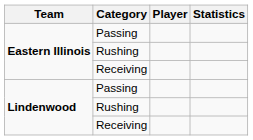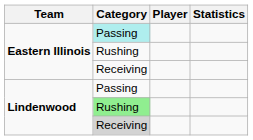 <table class="wikitable" style="float: right;">
 <tr>
 <th>Team</th>
 <th>Category</th>
 <th>Player</th>
 <th>Statistics</th>
 </tr>
 <tr>
 <td rowspan=3><strong>Eastern Illinois</strong></td>
-<td>Passing</td>
+<td style="background: paleturquoise;">Passing</td>
 <td></td>
 <td></td>
 </tr>
 <tr>
 <td>Rushing</td>
 <td></td>
 <td></td>
 </tr>
 <tr>
 <td>Receiving</td>
 <td></td>
 <td></td>
 </tr>
 <tr>
 <td rowspan=3><strong>Lindenwood</strong></td>
 <td>Passing</td>
 <td></td>
 <td></td>
 </tr>
 <tr>
-<td>Rushing</td>
+<td style="background: lightgreen;">Rushing</td>
 <td></td>
 <td></td>
 </tr>
 <tr>
-<td>Receiving</td>
+<td style="background: lightgrey;">Receiving</td>
 <td></td>
 <td></td>
 </tr>
 </table>
